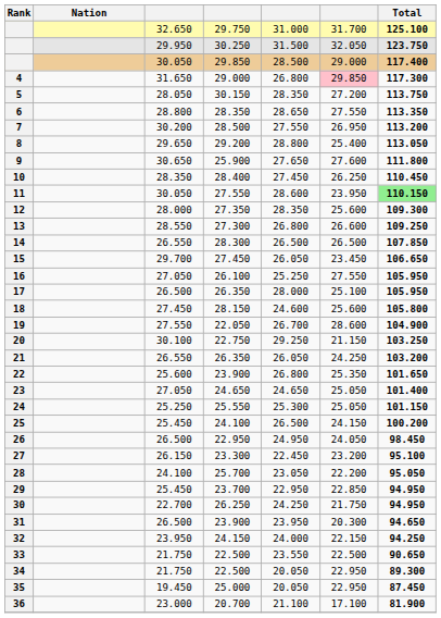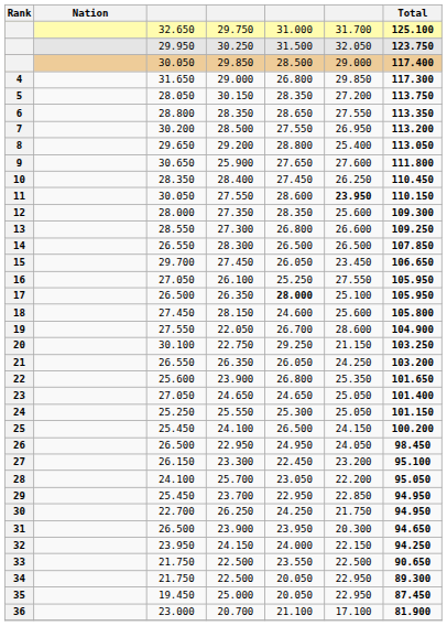 <table class="wikitable sortable" style="text-align:center; font-size:85%">
 <tr>
 <th scope="col" style="width:20px;">Rank</th>
 <th ! scope="col" style="width:120px;">Nation</th>
 <th ! scope="col" style="width:60px;"></th>
 <th ! scope="col" style="width:60px;"></th>
 <th ! scope="col" style="width:60px;"></th>
 <th ! scope="col" style="width:60px;"></th>
 <th ! scope="col" style="width:60px;">Total</th>
 </tr>
 <tr bgcolor=fffcaf>
 <th scope=row></th>
 <td align="left"></td>
 <td>32.650</td>
 <td>29.750</td>
 <td>31.000</td>
 <td>31.700</td>
 <td><strong>125.100</strong></td>
 </tr>
 <tr bgcolor=e5e5e5>
 <th scope=row></th>
 <td align="left"></td>
 <td>29.950</td>
 <td>30.250</td>
 <td>31.500</td>
 <td>32.050</td>
 <td><strong>123.750</strong></td>
 </tr>
 <tr bgcolor=eecc99>
 <th scope=row></th>
 <td align="left"></td>
 <td>30.050</td>
 <td>29.850</td>
 <td>28.500</td>
 <td>29.000</td>
 <td><strong>117.400</strong></td>
 </tr>
 <tr>
 <th scope=row>4</th>
 <td align="left"></td>
 <td>31.650</td>
 <td>29.000</td>
 <td>26.800</td>
-<td style="background: pink;">29.850</td>
+<td>29.850</td>
 <td><strong>117.300</strong></td>
 </tr>
 <tr>
 <th scope=row>5</th>
 <td align=left></td>
 <td>28.050</td>
 <td>30.150</td>
 <td>28.350</td>
 <td>27.200</td>
 <td><strong>113.750</strong></td>
 </tr>
 <tr>
 <th scope=row>6</th>
 <td align=left></td>
 <td>28.800</td>
 <td>28.350</td>
 <td>28.650</td>
 <td>27.550</td>
 <td><strong>113.350</strong></td>
 </tr>
 <tr>
 <th scope=row>7</th>
 <td align=left></td>
 <td>30.200</td>
 <td>28.500</td>
 <td>27.550</td>
 <td>26.950</td>
 <td><strong>113.200</strong></td>
 </tr>
 <tr>
 <th scope=row>8</th>
 <td align=left></td>
 <td>29.650</td>
 <td>29.200</td>
 <td>28.800</td>
 <td>25.400</td>
 <td><strong>113.050</strong></td>
 </tr>
 <tr>
 <th scope=row>9</th>
 <td align=left></td>
 <td>30.650</td>
 <td>25.900</td>
 <td>27.650</td>
 <td>27.600</td>
 <td><strong>111.800</strong></td>
 </tr>
 <tr>
 <th scope=row>10</th>
 <td align=left></td>
 <td>28.350</td>
 <td>28.400</td>
 <td>27.450</td>
 <td>26.250</td>
 <td><strong>110.450</strong></td>
 </tr>
 <tr>
 <th scope=row>11</th>
 <td align=left></td>
 <td>30.050</td>
 <td>27.550</td>
 <td>28.600</td>
-<td>23.950</td>
-<td style="background: lightgreen;"><strong>110.150</strong></td>
+<td><strong>23.950</strong></td>
+<td><strong>110.150</strong></td>
 </tr>
 <tr>
 <th scope=row>12</th>
 <td align=left></td>
 <td>28.000</td>
 <td>27.350</td>
 <td>28.350</td>
 <td>25.600</td>
 <td><strong>109.300</strong></td>
 </tr>
 <tr>
 <th scope=row>13</th>
 <td align=left></td>
 <td>28.550</td>
 <td>27.300</td>
 <td>26.800</td>
 <td>26.600</td>
 <td><strong>109.250</strong></td>
 </tr>
 <tr>
 <th scope=row>14</th>
 <td align=left></td>
 <td>26.550</td>
 <td>28.300</td>
 <td>26.500</td>
 <td>26.500</td>
 <td><strong>107.850</strong></td>
 </tr>
 <tr>
 <th scope=row>15</th>
 <td align=left></td>
 <td>29.700</td>
 <td>27.450</td>
 <td>26.050</td>
 <td>23.450</td>
 <td><strong>106.650</strong></td>
 </tr>
 <tr>
 <th scope=row>16</th>
 <td align=left></td>
 <td>27.050</td>
 <td>26.100</td>
 <td>25.250</td>
 <td>27.550</td>
 <td><strong>105.950</strong></td>
 </tr>
 <tr>
 <th scope=row>17</th>
 <td align=left></td>
 <td>26.500</td>
 <td>26.350</td>
-<td>28.000</td>
+<td><strong>28.000</strong></td>
 <td>25.100</td>
 <td><strong>105.950</strong></td>
 </tr>
 <tr>
 <th scope=row>18</th>
 <td align=left></td>
 <td>27.450</td>
 <td>28.150</td>
 <td>24.600</td>
 <td>25.600</td>
 <td><strong>105.800</strong></td>
 </tr>
 <tr>
 <th scope=row>19</th>
 <td align=left></td>
 <td>27.550</td>
 <td>22.050</td>
 <td>26.700</td>
 <td>28.600</td>
 <td><strong>104.900</strong></td>
 </tr>
 <tr>
 <th scope=row>20</th>
 <td align=left></td>
 <td>30.100</td>
 <td>22.750</td>
 <td>29.250</td>
 <td>21.150</td>
 <td><strong>103.250</strong></td>
 </tr>
 <tr>
 <th scope=row>21</th>
 <td align=left></td>
 <td>26.550</td>
 <td>26.350</td>
 <td>26.050</td>
 <td>24.250</td>
 <td><strong>103.200</strong></td>
 </tr>
 <tr>
 <th scope=row>22</th>
 <td align=left></td>
 <td>25.600</td>
 <td>23.900</td>
 <td>26.800</td>
 <td>25.350</td>
 <td><strong>101.650</strong></td>
 </tr>
 <tr>
 <th scope=row>23</th>
 <td align=left></td>
 <td>27.050</td>
 <td>24.650</td>
 <td>24.650</td>
 <td>25.050</td>
 <td><strong>101.400</strong></td>
 </tr>
 <tr>
 <th scope=row>24</th>
 <td align=left></td>
 <td>25.250</td>
 <td>25.550</td>
 <td>25.300</td>
 <td>25.050</td>
 <td><strong>101.150</strong></td>
 </tr>
 <tr>
 <th scope=row>25</th>
 <td align=left></td>
 <td>25.450</td>
 <td>24.100</td>
 <td>26.500</td>
 <td>24.150</td>
 <td><strong>100.200</strong></td>
 </tr>
 <tr>
 <th scope=row>26</th>
 <td align=left></td>
 <td>26.500</td>
 <td>22.950</td>
 <td>24.950</td>
 <td>24.050</td>
 <td><strong>98.450</strong></td>
 </tr>
 <tr>
 <th scope=row>27</th>
 <td align=left></td>
 <td>26.150</td>
 <td>23.300</td>
 <td>22.450</td>
 <td>23.200</td>
 <td><strong>95.100</strong></td>
 </tr>
 <tr>
 <th scope=row>28</th>
 <td align=left></td>
 <td>24.100</td>
 <td>25.700</td>
 <td>23.050</td>
 <td>22.200</td>
 <td><strong>95.050</strong></td>
 </tr>
 <tr>
 <th scope=row>29</th>
 <td align=left></td>
 <td>25.450</td>
 <td>23.700</td>
 <td>22.950</td>
 <td>22.850</td>
 <td><strong>94.950</strong></td>
 </tr>
 <tr>
 <th scope=row>30</th>
 <td align=left></td>
 <td>22.700</td>
 <td>26.250</td>
 <td>24.250</td>
 <td>21.750</td>
 <td><strong>94.950</strong></td>
 </tr>
 <tr>
 <th scope=row>31</th>
 <td align=left></td>
 <td>26.500</td>
 <td>23.900</td>
 <td>23.950</td>
 <td>20.300</td>
 <td><strong>94.650</strong></td>
 </tr>
 <tr>
 <th scope=row>32</th>
 <td align=left></td>
 <td>23.950</td>
 <td>24.150</td>
 <td>24.000</td>
 <td>22.150</td>
 <td><strong>94.250</strong></td>
 </tr>
 <tr>
 <th scope=row>33</th>
 <td align=left></td>
 <td>21.750</td>
 <td>22.500</td>
 <td>23.550</td>
 <td>22.500</td>
 <td><strong>90.650</strong></td>
 </tr>
 <tr>
 <th scope=row>34</th>
 <td align=left></td>
 <td>21.750</td>
 <td>22.500</td>
 <td>20.050</td>
 <td>22.950</td>
 <td><strong>89.300</strong></td>
 </tr>
 <tr>
 <th scope=row>35</th>
 <td align=left></td>
 <td>19.450</td>
 <td>25.000</td>
 <td>20.050</td>
 <td>22.950</td>
 <td><strong>87.450</strong></td>
 </tr>
 <tr>
 <th scope=row>36</th>
 <td align=left></td>
 <td>23.000</td>
 <td>20.700</td>
 <td>21.100</td>
 <td>17.100</td>
 <td><strong>81.900</strong></td>
 </tr>
 <tr>
 </tr>
 </table>
